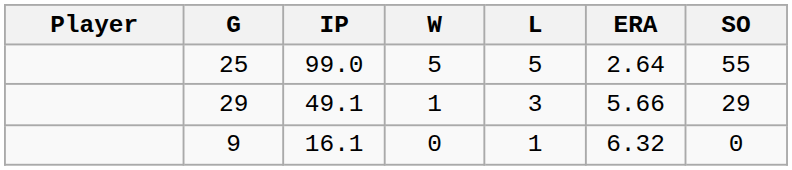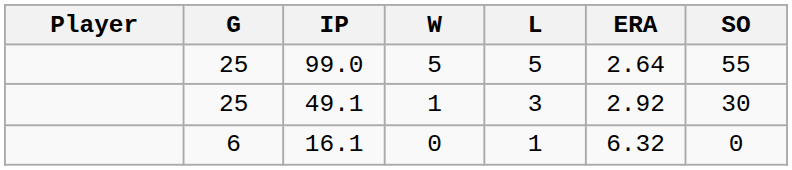 <table class="wikitable sortable">
 <tr>
 <th bgcolor="#DDDDFF" width="16%">Player</th>
 <th bgcolor="#DDDDFF" width="9%">G</th>
 <th bgcolor="#DDDDFF" width="9%">IP</th>
 <th bgcolor="#DDDDFF" width="9%">W</th>
 <th bgcolor="#DDDDFF" width="9%">L</th>
 <th bgcolor="#DDDDFF" width="9%">ERA</th>
 <th bgcolor="#DDDDFF" width="9%">SO</th>
 </tr>
 <tr align="center">
 <td></td>
 <td>25</td>
 <td>99.0</td>
 <td>5</td>
 <td>5</td>
 <td>2.64</td>
 <td>55</td>
 </tr>
 <tr align="center">
 <td></td>
-<td>29</td>
+<td>25</td>
 <td>49.1</td>
 <td>1</td>
 <td>3</td>
-<td>5.66</td>
-<td>29</td>
+<td>2.92</td>
+<td>30</td>
 </tr>
 <tr align="center">
 <td></td>
-<td>9</td>
+<td>6</td>
 <td>16.1</td>
 <td>0</td>
 <td>1</td>
 <td>6.32</td>
 <td>0</td>
 </tr>
 </table>
